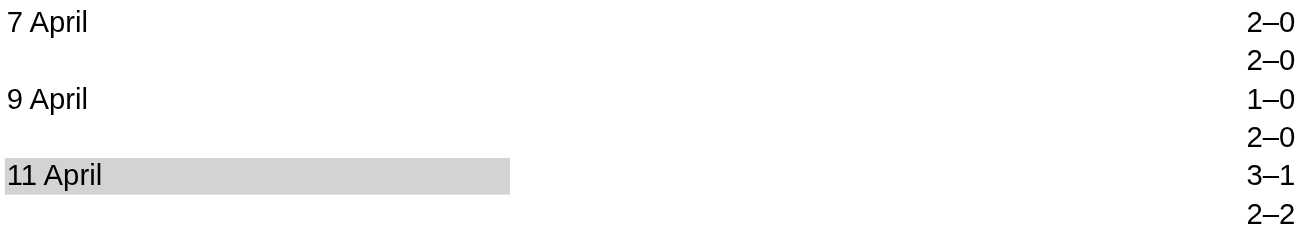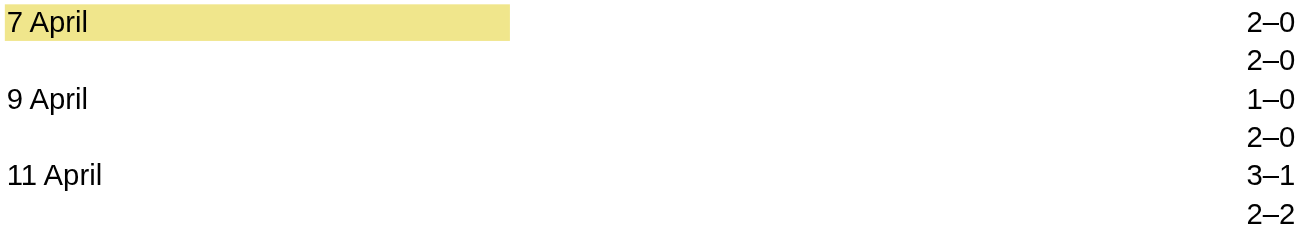 <table cellspacing=1 width=70%>
 <tr>
 <th width=25%></th>
 <th width=30%></th>
 <th width=15%></th>
 <th width=30%></th>
 </tr>
 <tr>
-<td>7 April</td>
+<td style="background: khaki;">7 April</td>
 <td align=right></td>
 <td align=center>2–0</td>
 <td></td>
 </tr>
 <tr>
 <td></td>
 <td align=right></td>
 <td align=center>2–0</td>
 <td></td>
 </tr>
 <tr>
 <td>9 April</td>
 <td align=right></td>
 <td align=center>1–0</td>
 <td></td>
 </tr>
 <tr>
 <td></td>
 <td align=right></td>
 <td align=center>2–0</td>
 <td></td>
 </tr>
 <tr>
-<td style="background: lightgrey;">11 April</td>
+<td>11 April</td>
 <td align=right></td>
 <td align=center>3–1</td>
 <td></td>
 </tr>
 <tr>
 <td></td>
 <td align=right></td>
 <td align=center>2–2</td>
 <td></td>
 </tr>
 </table>
